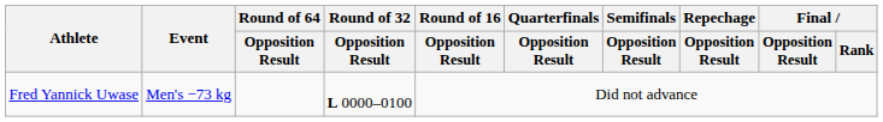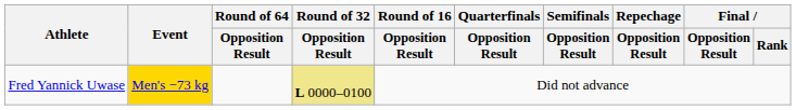 <table class="wikitable" style="font-size:90%">
 <tr>
 <th rowspan="2">Athlete</th>
 <th rowspan="2">Event</th>
 <th>Round of 64</th>
 <th>Round of 32</th>
 <th>Round of 16</th>
 <th>Quarterfinals</th>
 <th>Semifinals</th>
 <th>Repechage</th>
 <th colspan=2>Final / </th>
 </tr>
 <tr style="font-size:95%">
 <th>Opposition<br>Result</th>
 <th>Opposition<br>Result</th>
 <th>Opposition<br>Result</th>
 <th>Opposition<br>Result</th>
 <th>Opposition<br>Result</th>
 <th>Opposition<br>Result</th>
 <th>Opposition<br>Result</th>
 <th>Rank</th>
 </tr>
 <tr align=center>
 <td align=left><a href='#'>Fred Yannick Uwase</a></td>
-<td align=left><a href='#'>Men's −73 kg</a></td>
+<td align=left style="background: gold;"><a href='#'>Men's −73 kg</a></td>
 <td></td>
-<td><br><strong>L</strong> 0000–0100</td>
+<td style="background: khaki;"><br><strong>L</strong> 0000–0100</td>
 <td colspan=6>Did not advance</td>
 </tr>
 </table>
